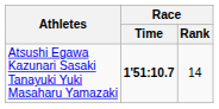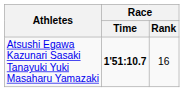 <table class="wikitable" border="1" style="font-size:90%">
 <tr>
 <th rowspan=2>Athletes</th>
 <th colspan=2>Race</th>
 </tr>
 <tr>
 <th>Time</th>
 <th>Rank</th>
 </tr>
 <tr>
 <td><a href='#'>Atsushi Egawa</a><br><a href='#'>Kazunari Sasaki</a><br><a href='#'>Tanayuki Yuki</a><br><a href='#'>Masaharu Yamazaki</a></td>
 <td align=center><strong>1'51:10.7</strong></td>
-<td align=center>14</td>
+<td align=center>16</td>
 </tr>
 </table>
